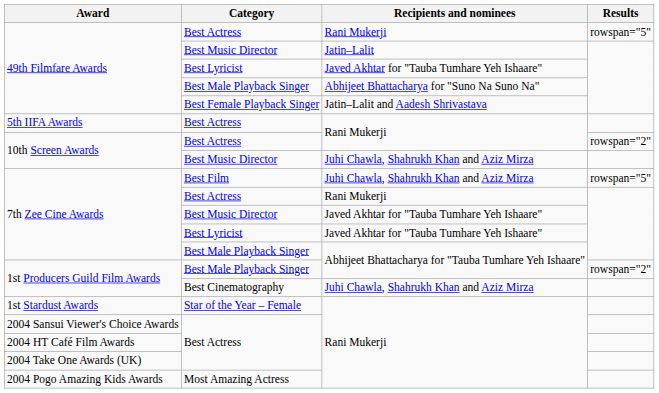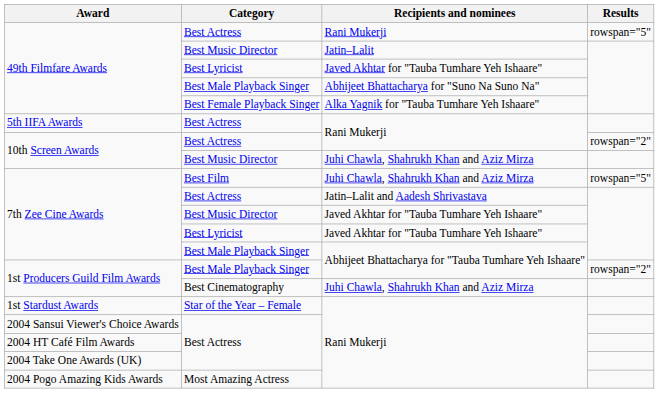 <table class="wikitable plainrowheaders sortable">
 <tr>
 <th>Award</th>
 <th>Category</th>
 <th>Recipients and nominees</th>
 <th>Results</th>
 </tr>
 <tr>
 <td rowspan="5"><a href='#'>49th Filmfare Awards</a></td>
 <td><a href='#'>Best Actress</a></td>
 <td><a href='#'>Rani Mukerji</a></td>
 <td>rowspan="5" </td>
 </tr>
 <tr>
 <td><a href='#'>Best Music Director</a></td>
 <td><a href='#'>Jatin–Lalit</a></td>
 </tr>
 <tr>
 <td><a href='#'>Best Lyricist</a></td>
 <td><a href='#'>Javed Akhtar</a> for "Tauba Tumhare Yeh Ishaare"</td>
 </tr>
 <tr>
 <td><a href='#'>Best Male Playback Singer</a></td>
 <td><a href='#'>Abhijeet Bhattacharya</a> for "Suno Na Suno Na"</td>
 </tr>
 <tr>
 <td><a href='#'>Best Female Playback Singer</a></td>
-<td>Jatin–Lalit and <a href='#'>Aadesh Shrivastava</a></td>
+<td><a href='#'>Alka Yagnik</a> for "Tauba Tumhare Yeh Ishaare"</td>
 </tr>
 <tr>
 <td><a href='#'>5th IIFA Awards</a></td>
 <td><a href='#'>Best Actress</a></td>
 <td rowspan="2">Rani Mukerji</td>
 <td></td>
 </tr>
 <tr>
 <td rowspan="2">10th <a href='#'>Screen Awards</a></td>
 <td><a href='#'>Best Actress</a></td>
 <td>rowspan="2" </td>
 </tr>
 <tr>
 <td><a href='#'>Best Music Director</a></td>
 <td><a href='#'>Juhi Chawla</a>, <a href='#'>Shahrukh Khan</a> and <a href='#'>Aziz Mirza</a></td>
 </tr>
 <tr>
 <td rowspan="5">7th <a href='#'>Zee Cine Awards</a></td>
 <td><a href='#'>Best Film</a></td>
 <td><a href='#'>Juhi Chawla</a>, <a href='#'>Shahrukh Khan</a> and <a href='#'>Aziz Mirza</a></td>
 <td>rowspan="5" </td>
 </tr>
 <tr>
 <td><a href='#'>Best Actress</a></td>
-<td>Rani Mukerji</td>
+<td>Jatin–Lalit and <a href='#'>Aadesh Shrivastava</a></td>
 </tr>
 <tr>
 <td><a href='#'>Best Music Director</a></td>
 <td>Javed Akhtar for "Tauba Tumhare Yeh Ishaare"</td>
 </tr>
 <tr>
 <td><a href='#'>Best Lyricist</a></td>
 <td>Javed Akhtar for "Tauba Tumhare Yeh Ishaare"</td>
 </tr>
 <tr>
 <td><a href='#'>Best Male Playback Singer</a></td>
 <td rowspan="2">Abhijeet Bhattacharya for "Tauba Tumhare Yeh Ishaare"</td>
 </tr>
 <tr>
 <td rowspan="2">1st <a href='#'>Producers Guild Film Awards</a></td>
 <td><a href='#'>Best Male Playback Singer</a></td>
 <td>rowspan="2" </td>
 </tr>
 <tr>
 <td>Best Cinematography</td>
 <td><a href='#'>Juhi Chawla</a>, <a href='#'>Shahrukh Khan</a> and <a href='#'>Aziz Mirza</a></td>
 </tr>
 <tr>
 <td>1st <a href='#'>Stardust Awards</a></td>
 <td><a href='#'>Star of the Year – Female</a></td>
 <td rowspan="5">Rani Mukerji</td>
 <td></td>
 </tr>
 <tr>
 <td>2004 Sansui Viewer's Choice Awards</td>
 <td rowspan="3">Best Actress</td>
 <td></td>
 </tr>
 <tr>
 <td>2004 HT Café Film Awards</td>
 <td></td>
 </tr>
 <tr>
 <td>2004 Take One Awards (UK)</td>
 <td></td>
 </tr>
 <tr>
 <td>2004 Pogo Amazing Kids Awards</td>
 <td>Most Amazing Actress</td>
 <td></td>
 </tr>
 </table>
